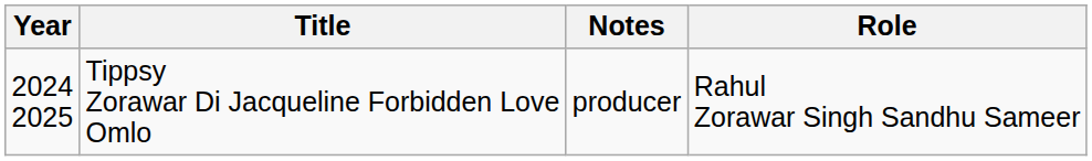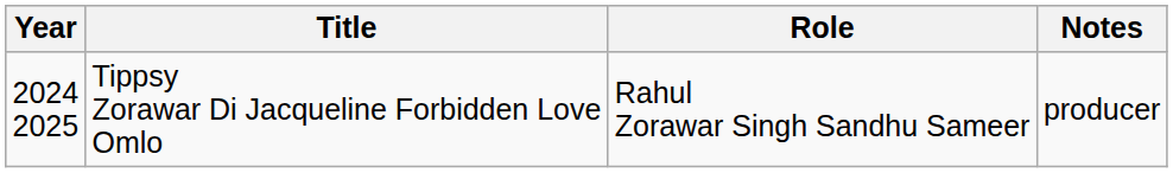 <table class="wikitable">
 <tr>
 <th>Year</th>
 <th>Title</th>
+<th>Role</th>
 <th>Notes</th>
-<th>Role</th>
 </tr>
 <tr>
 <td>2024<br>2025</td>
 <td>Tippsy<br>Zorawar Di Jacqueline Forbidden Love<br>Omlo</td>
+<td>Rahul<br>Zorawar Singh Sandhu Sameer</td>
 <td>producer</td>
-<td>Rahul<br>Zorawar Singh Sandhu Sameer</td>
 </tr>
 </table>
